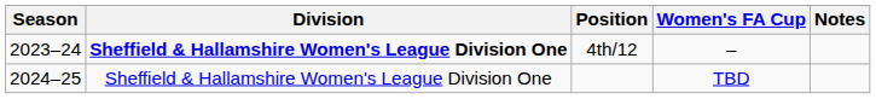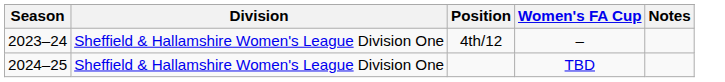 <table class="wikitable collapsible" style=" text-align:center;">
 <tr>
 </tr>
 <tr>
 <th>Season</th>
 <th>Division</th>
 <th>Position</th>
 <th><a href='#'>Women's FA Cup</a></th>
 <th>Notes</th>
 </tr>
 <tr>
 <td>2023–24</td>
-<td><strong><a href='#'>Sheffield & Hallamshire Women's League</a> Division One</strong></td>
+<td><a href='#'>Sheffield & Hallamshire Women's League</a> Division One</td>
 <td>4th/12</td>
 <td>–</td>
 <td></td>
 </tr>
 <tr>
 <td>2024–25</td>
 <td><a href='#'>Sheffield & Hallamshire Women's League</a> Division One</td>
 <td></td>
 <td><a href='#'>TBD</a></td>
 <td></td>
 </tr>
 </table>
